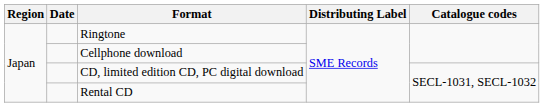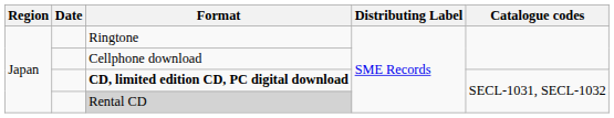 <table class="wikitable">
 <tr>
 <th>Region</th>
 <th>Date</th>
 <th>Format</th>
 <th>Distributing Label</th>
 <th>Catalogue codes</th>
 </tr>
 <tr>
 <td rowspan="4">Japan</td>
 <td></td>
 <td>Ringtone</td>
 <td rowspan="4"><a href='#'>SME Records</a></td>
 <td rowspan="2"></td>
 </tr>
 <tr>
 <td></td>
 <td>Cellphone download</td>
 </tr>
 <tr>
 <td></td>
-<td>CD, limited edition CD, PC digital download</td>
+<td><strong>CD, limited edition CD, PC digital download</strong></td>
 <td rowspan="2">SECL-1031, SECL-1032</td>
 </tr>
 <tr>
 <td></td>
-<td>Rental CD</td>
+<td style="background: lightgrey;">Rental CD</td>
 </tr>
 </table>
